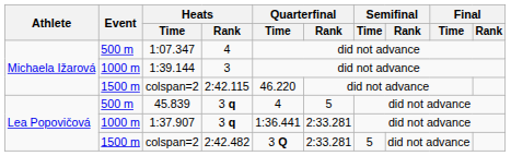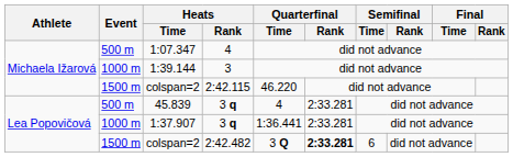 <table class="wikitable" style="font-size:90%">
 <tr>
 <th rowspan=2>Athlete</th>
 <th rowspan=2>Event</th>
 <th colspan=2>Heats</th>
 <th colspan=2>Quarterfinal</th>
 <th colspan=2>Semifinal</th>
 <th colspan=2>Final</th>
 </tr>
 <tr style="font-size:95%">
 <th>Time</th>
 <th>Rank</th>
 <th>Time</th>
 <th>Rank</th>
 <th>Time</th>
 <th>Rank</th>
 <th>Time</th>
 <th>Rank</th>
 </tr>
 <tr align=center>
 <td align=left rowspan=3><a href='#'>Michaela Ižarová</a></td>
 <td align=left><a href='#'>500 m</a></td>
 <td>1:07.347</td>
 <td>4</td>
 <td colspan=6>did not advance</td>
 </tr>
 <tr align=center>
 <td align=left><a href='#'>1000 m</a></td>
 <td>1:39.144</td>
 <td>3</td>
 <td colspan=6>did not advance</td>
 </tr>
 <tr align=center>
 <td align=left><a href='#'>1500 m</a></td>
 <td>colspan=2</td>
 <td>2:42.115</td>
 <td>46.220</td>
 <td colspan=4>did not advance</td>
 </tr>
 <tr align=center>
 <td align=left rowspan=3><a href='#'>Lea Popovičová</a></td>
 <td align=left><a href='#'>500 m</a></td>
 <td>45.839</td>
 <td>3 <strong>q</strong></td>
 <td>4</td>
-<td>5</td>
+<td>2:33.281</td>
 <td colspan=4>did not advance</td>
 </tr>
 <tr align=center>
 <td align=left><a href='#'>1000 m</a></td>
 <td>1:37.907</td>
 <td>3 <strong>q</strong></td>
 <td>1:36.441</td>
 <td>2:33.281</td>
 <td colspan=4>did not advance</td>
 </tr>
 <tr align=center>
 <td align=left><a href='#'>1500 m</a></td>
 <td>colspan=2</td>
 <td>2:42.482</td>
 <td>3 <strong>Q</strong></td>
-<td>2:33.281</td>
-<td>5</td>
+<td><strong>2:33.281</strong></td>
+<td>6</td>
 <td colspan=2>did not advance</td>
 </tr>
 </table>
